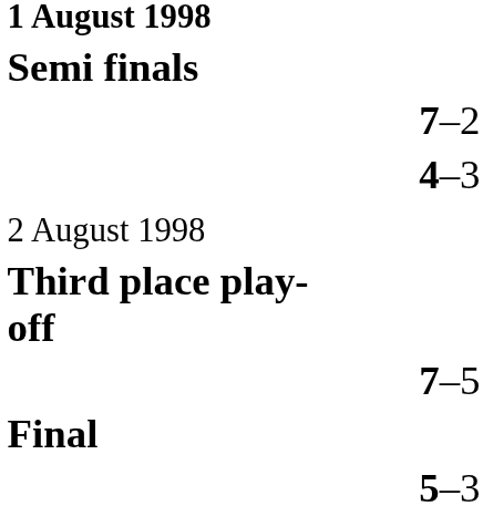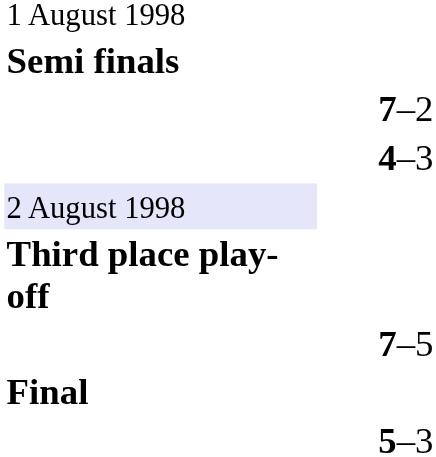 <table width=100% cellspacing=1>
 <tr>
 <th width=22%></th>
 <th width=12%></th>
 <th></th>
 </tr>
 <tr>
-<td><strong><small>1 August 1998</small></strong></td>
+<td><small>1 August 1998</small></td>
 </tr>
 <tr>
 <td><strong>Semi finals</strong></td>
 </tr>
 <tr>
 <td align=right><strong></strong></td>
 <td align=center><strong>7</strong>–2</td>
 <td></td>
 </tr>
 <tr>
 <td align=right><strong></strong></td>
 <td align=center><strong>4</strong>–3</td>
 <td></td>
 </tr>
 <tr>
-<td><small>2 August 1998</small></td>
+<td style="background: lavender;"><small>2 August 1998</small></td>
 </tr>
 <tr>
 <td><strong>Third place play-off</strong></td>
 </tr>
 <tr>
 <td align=right><strong></strong></td>
 <td align=center><strong>7</strong>–5</td>
 <td></td>
 </tr>
 <tr>
 <td><strong>Final</strong></td>
 </tr>
 <tr>
 <td align=right><strong></strong></td>
 <td align=center><strong>5</strong>–3</td>
 <td></td>
 </tr>
 </table>
